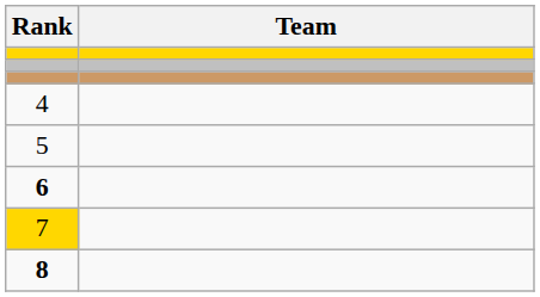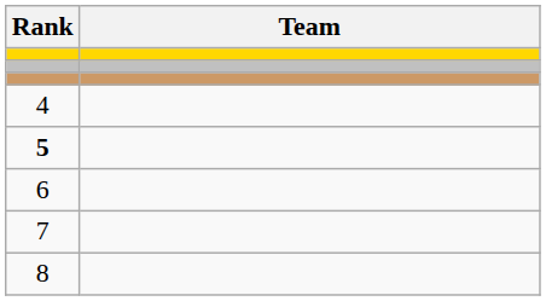 <table class="wikitable" style="border-collapse: collapse; font-size: 94%;">
 <tr>
 <th>Rank</th>
 <th align="left" style="width: 17em">Team</th>
 </tr>
 <tr bgcolor=gold>
 <td align=center></td>
 <td></td>
 </tr>
 <tr bgcolor=silver>
 <td align=center></td>
 <td></td>
 </tr>
 <tr bgcolor=#cc9966>
 <td align=center></td>
 <td></td>
 </tr>
 <tr>
 <td align=center>4</td>
 <td></td>
 </tr>
 <tr>
-<td align=center>5</td>
+<td align=center><strong>5</strong></td>
 <td></td>
 </tr>
 <tr>
-<td align=center><strong>6</strong></td>
+<td align=center>6</td>
 <td></td>
 </tr>
 <tr>
-<td align=center style="background: gold;">7</td>
+<td align=center>7</td>
 <td></td>
 </tr>
 <tr>
-<td align=center><strong>8</strong></td>
+<td align=center>8</td>
 <td></td>
 </tr>
 </table>
